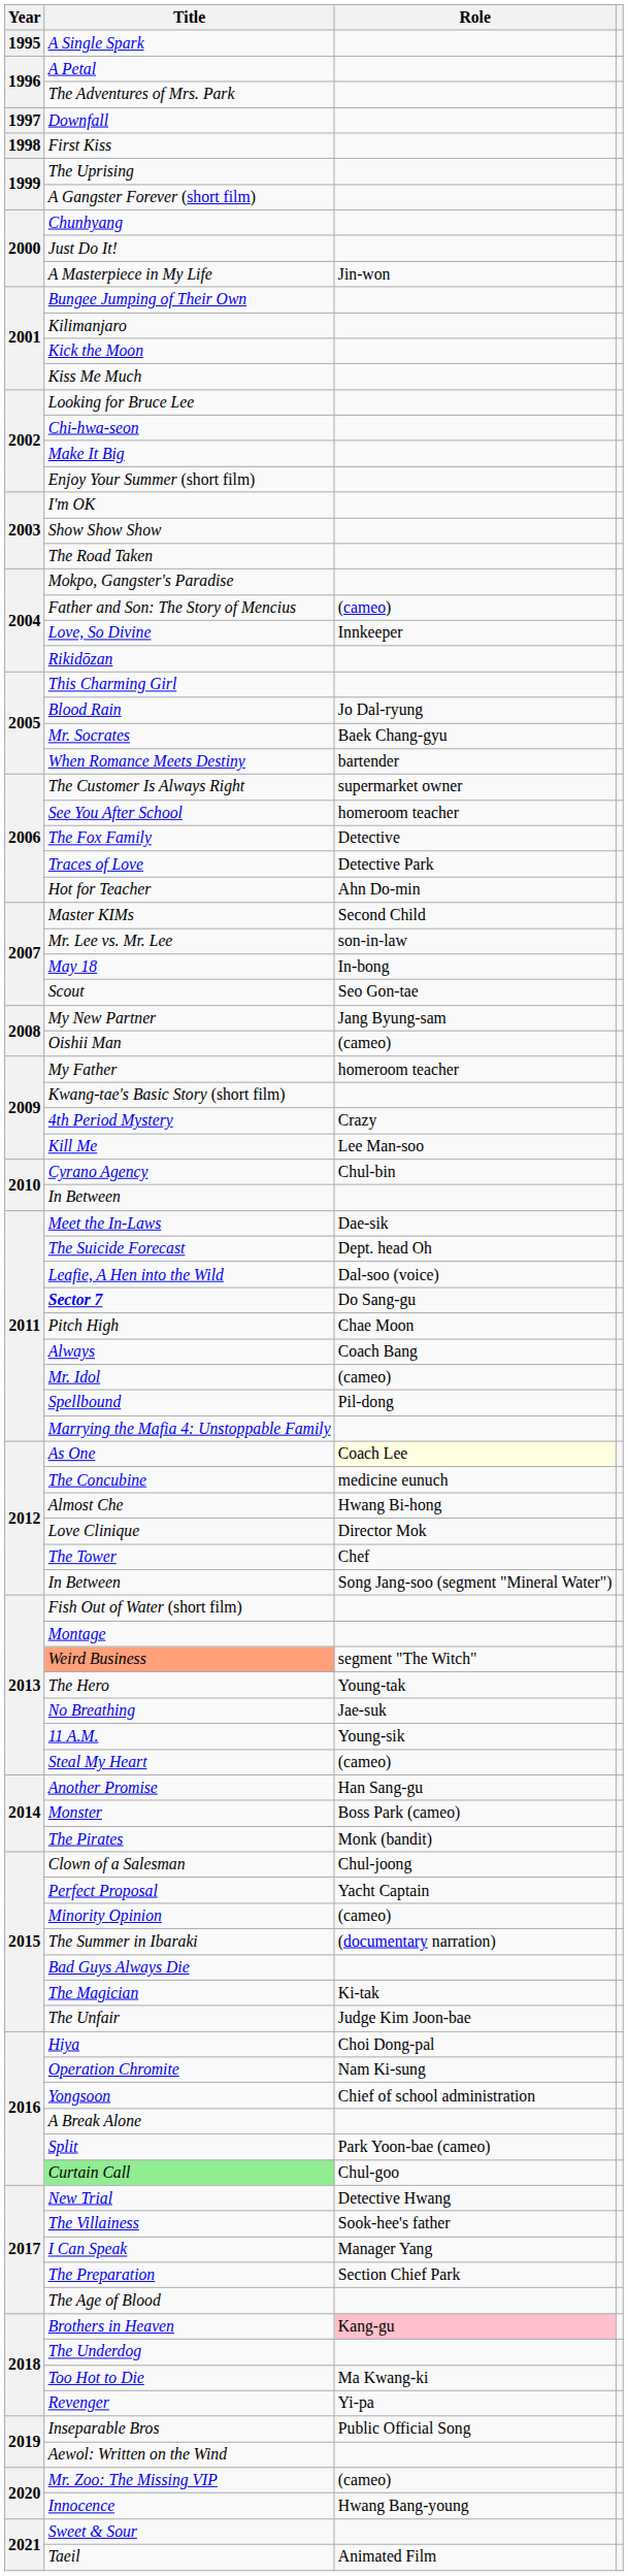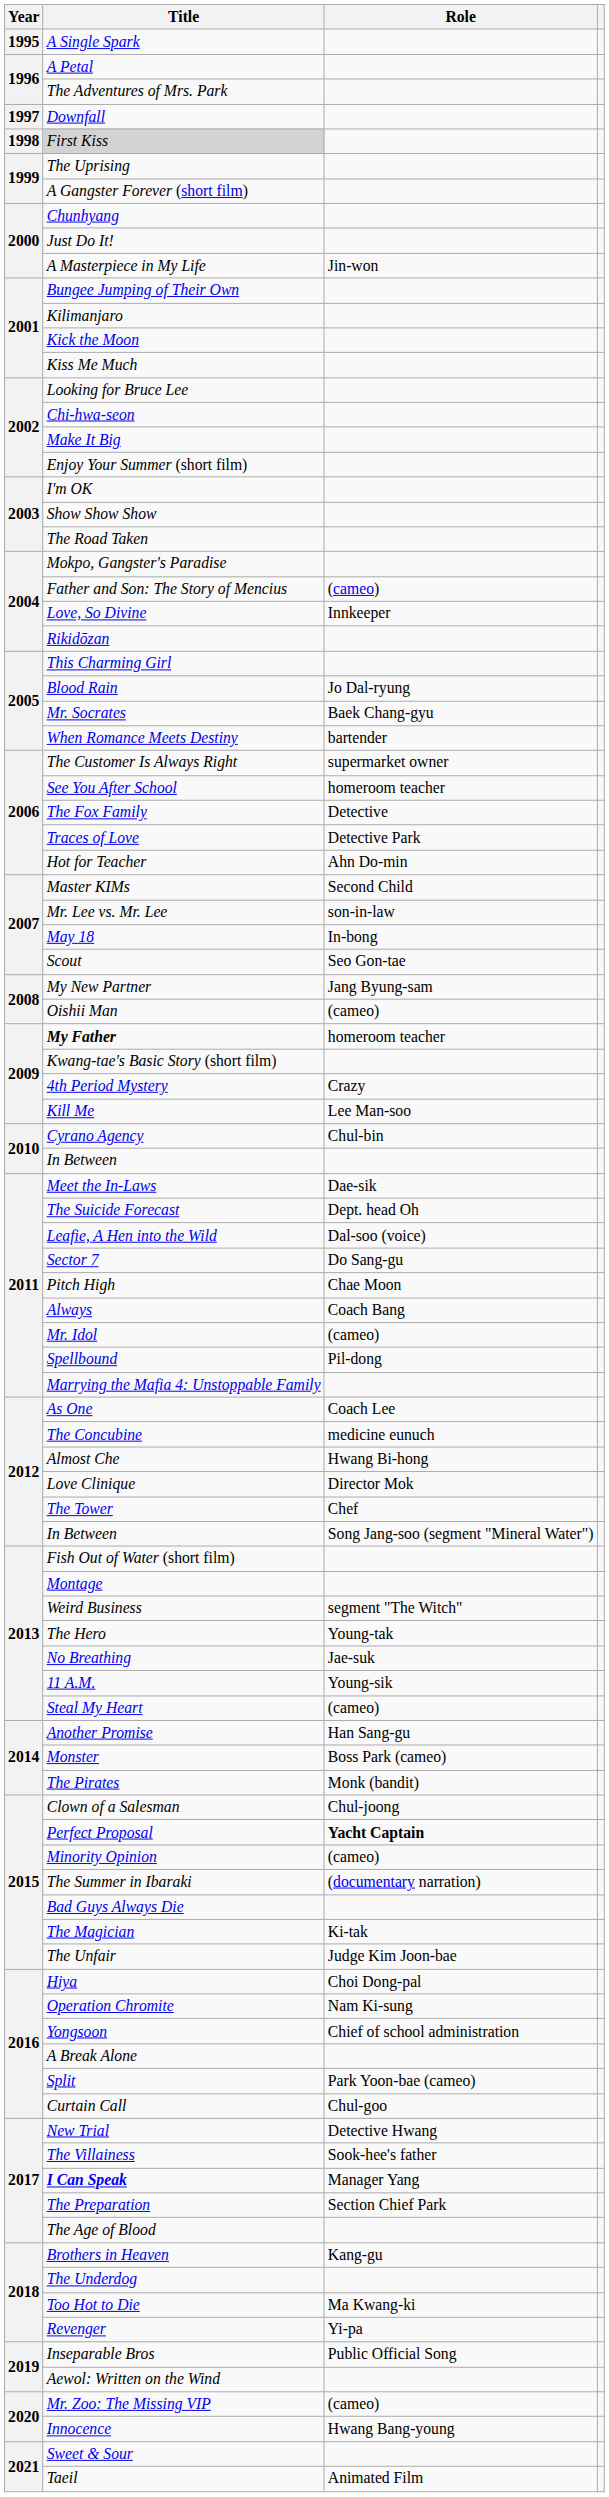 <table class="wikitable plainrowheaders sortable">
 <tr>
 <th scope="col">Year</th>
 <th scope="col">Title</th>
 <th scope="col">Role</th>
 <th scope="col" class="unsortable"></th>
 </tr>
 <tr>
 <th scope="row">1995</th>
 <td><em><a href='#'>A Single Spark</a></em></td>
 <td></td>
 <td style="text-align:center"></td>
 </tr>
 <tr>
 <th scope="row" rowspan="2">1996</th>
 <td><em><a href='#'>A Petal</a></em></td>
 <td></td>
 <td style="text-align:center"></td>
 </tr>
 <tr>
 <td><em>The Adventures of Mrs. Park</em></td>
 <td></td>
 <td style="text-align:center"></td>
 </tr>
 <tr>
 <th scope="row">1997</th>
 <td><em><a href='#'>Downfall</a></em></td>
 <td></td>
 <td style="text-align:center"></td>
 </tr>
 <tr>
 <th scope="row">1998</th>
-<td><em>First Kiss</em></td>
+<td style="background: lightgrey;"><em>First Kiss</em></td>
 <td></td>
 <td style="text-align:center"></td>
 </tr>
 <tr>
 <th scope="row" rowspan="2">1999</th>
 <td><em>The Uprising</em></td>
 <td></td>
 <td style="text-align:center"></td>
 </tr>
 <tr>
 <td><em>A Gangster Forever</em> (<a href='#'>short film</a>)</td>
 <td></td>
 <td style="text-align:center"></td>
 </tr>
 <tr>
 <th scope="row" rowspan="3">2000</th>
 <td><em><a href='#'>Chunhyang</a></em></td>
 <td></td>
 <td style="text-align:center"></td>
 </tr>
 <tr>
 <td><em>Just Do It! </em></td>
 <td></td>
 <td style="text-align:center"></td>
 </tr>
 <tr>
 <td><em>A Masterpiece in My Life</em></td>
 <td>Jin-won</td>
 <td style="text-align:center"></td>
 </tr>
 <tr>
 <th scope="row" rowspan="4">2001</th>
 <td><em><a href='#'>Bungee Jumping of Their Own</a></em></td>
 <td></td>
 <td style="text-align:center"></td>
 </tr>
 <tr>
 <td><em>Kilimanjaro</em></td>
 <td></td>
 <td style="text-align:center"></td>
 </tr>
 <tr>
 <td><em><a href='#'>Kick the Moon</a></em></td>
 <td></td>
 <td style="text-align:center"></td>
 </tr>
 <tr>
 <td><em>Kiss Me Much</em></td>
 <td></td>
 <td style="text-align:center"></td>
 </tr>
 <tr>
 <th scope="row" rowspan="4">2002</th>
 <td><em>Looking for Bruce Lee</em></td>
 <td></td>
 <td style="text-align:center"></td>
 </tr>
 <tr>
 <td><em><a href='#'>Chi-hwa-seon</a></em></td>
 <td></td>
 <td style="text-align:center"></td>
 </tr>
 <tr>
 <td><em><a href='#'>Make It Big</a></em></td>
 <td></td>
 <td style="text-align:center"></td>
 </tr>
 <tr>
 <td><em>Enjoy Your Summer</em> (short film)</td>
 <td></td>
 <td style="text-align:center"></td>
 </tr>
 <tr>
 <th scope="row" rowspan="3">2003</th>
 <td><em>I'm OK</em></td>
 <td></td>
 <td style="text-align:center"></td>
 </tr>
 <tr>
 <td><em>Show Show Show</em></td>
 <td></td>
 <td style="text-align:center"></td>
 </tr>
 <tr>
 <td><em>The Road Taken</em></td>
 <td></td>
 <td style="text-align:center"></td>
 </tr>
 <tr>
 <th scope="row" rowspan="4">2004</th>
 <td><em>Mokpo, Gangster's Paradise</em></td>
 <td></td>
 <td style="text-align:center"></td>
 </tr>
 <tr>
 <td><em>Father and Son: The Story of Mencius</em></td>
 <td>(<a href='#'>cameo</a>)</td>
 <td style="text-align:center"></td>
 </tr>
 <tr>
 <td><em><a href='#'>Love, So Divine</a></em></td>
 <td>Innkeeper</td>
 <td style="text-align:center"></td>
 </tr>
 <tr>
 <td><em><a href='#'>Rikidōzan</a></em></td>
 <td></td>
 <td style="text-align:center"></td>
 </tr>
 <tr>
 <th scope="row" rowspan="4">2005</th>
 <td><em><a href='#'>This Charming Girl</a></em></td>
 <td></td>
 <td style="text-align:center"></td>
 </tr>
 <tr>
 <td><em><a href='#'>Blood Rain</a></em></td>
 <td>Jo Dal-ryung</td>
 <td style="text-align:center"></td>
 </tr>
 <tr>
 <td><em><a href='#'>Mr. Socrates</a></em></td>
 <td>Baek Chang-gyu</td>
 <td style="text-align:center"></td>
 </tr>
 <tr>
 <td><em><a href='#'>When Romance Meets Destiny</a></em></td>
 <td>bartender</td>
 <td style="text-align:center"></td>
 </tr>
 <tr>
 <th scope="row" rowspan="5">2006</th>
 <td><em>The Customer Is Always Right</em></td>
 <td>supermarket owner</td>
 <td style="text-align:center"></td>
 </tr>
 <tr>
 <td><em><a href='#'>See You After School</a></em></td>
 <td>homeroom teacher</td>
 <td style="text-align:center"></td>
 </tr>
 <tr>
 <td><em><a href='#'>The Fox Family</a></em></td>
 <td>Detective</td>
 <td style="text-align:center"></td>
 </tr>
 <tr>
 <td><em><a href='#'>Traces of Love</a></em></td>
 <td>Detective Park</td>
 <td style="text-align:center"></td>
 </tr>
 <tr>
 <td><em>Hot for Teacher</em></td>
 <td>Ahn Do-min</td>
 <td style="text-align:center"></td>
 </tr>
 <tr>
 <th scope="row" rowspan="4">2007</th>
 <td><em>Master KIMs</em></td>
 <td>Second Child</td>
 <td style="text-align:center"></td>
 </tr>
 <tr>
 <td><em>Mr. Lee vs. Mr. Lee</em></td>
 <td>son-in-law</td>
 <td style="text-align:center"></td>
 </tr>
 <tr>
 <td><em><a href='#'>May 18</a></em></td>
 <td>In-bong</td>
 <td style="text-align:center"></td>
 </tr>
 <tr>
 <td><em>Scout</em></td>
 <td>Seo Gon-tae</td>
 <td style="text-align:center"></td>
 </tr>
 <tr>
 <th scope="row" rowspan="2">2008</th>
 <td><em>My New Partner</em></td>
 <td>Jang Byung-sam</td>
 <td style="text-align:center"></td>
 </tr>
 <tr>
 <td><em>Oishii Man</em></td>
 <td>(cameo)</td>
 <td style="text-align:center"></td>
 </tr>
 <tr>
 <th scope="row" rowspan="4">2009</th>
-<td><em>My Father</em></td>
+<td><strong><em>My Father</em></strong></td>
 <td>homeroom teacher</td>
 <td style="text-align:center"></td>
 </tr>
 <tr>
 <td><em>Kwang-tae's Basic Story</em> (short film)</td>
 <td></td>
 <td style="text-align:center"></td>
 </tr>
 <tr>
 <td><em><a href='#'>4th Period Mystery</a></em></td>
 <td>Crazy</td>
 <td style="text-align:center"></td>
 </tr>
 <tr>
 <td><em><a href='#'>Kill Me</a></em></td>
 <td>Lee Man-soo</td>
 <td style="text-align:center"></td>
 </tr>
 <tr>
 <th scope="row" rowspan="2">2010</th>
 <td><em><a href='#'>Cyrano Agency</a></em></td>
 <td>Chul-bin</td>
 <td style="text-align:center"></td>
 </tr>
 <tr>
 <td><em>In Between</em></td>
 <td></td>
 <td style="text-align:center"></td>
 </tr>
 <tr>
 <th scope="row" rowspan="9">2011</th>
 <td><em><a href='#'>Meet the In-Laws</a></em></td>
 <td>Dae-sik</td>
 <td style="text-align:center"></td>
 </tr>
 <tr>
 <td><em><a href='#'>The Suicide Forecast</a></em></td>
 <td>Dept. head Oh</td>
 <td style="text-align:center"></td>
 </tr>
 <tr>
 <td><em><a href='#'>Leafie, A Hen into the Wild</a></em></td>
 <td>Dal-soo (voice)</td>
 <td style="text-align:center"></td>
 </tr>
 <tr>
-<td><strong><em><a href='#'>Sector 7</a></em></strong></td>
+<td><em><a href='#'>Sector 7</a></em></td>
 <td>Do Sang-gu</td>
 <td style="text-align:center"></td>
 </tr>
 <tr>
 <td><em>Pitch High</em></td>
 <td>Chae Moon</td>
 <td style="text-align:center"></td>
 </tr>
 <tr>
 <td><em><a href='#'>Always</a></em></td>
 <td>Coach Bang</td>
 <td style="text-align:center"></td>
 </tr>
 <tr>
 <td><em><a href='#'>Mr. Idol</a></em></td>
 <td>(cameo)</td>
 <td style="text-align:center"></td>
 </tr>
 <tr>
 <td><em><a href='#'>Spellbound</a></em></td>
 <td>Pil-dong</td>
 <td style="text-align:center"></td>
 </tr>
 <tr>
 <td><em><a href='#'>Marrying the Mafia 4: Unstoppable Family</a></em></td>
 <td></td>
 <td style="text-align:center"></td>
 </tr>
 <tr>
 <th scope="row" rowspan="6">2012</th>
 <td><em><a href='#'>As One</a></em></td>
-<td style="background: lightyellow;">Coach Lee</td>
+<td>Coach Lee</td>
 <td style="text-align:center"></td>
 </tr>
 <tr>
 <td><em><a href='#'>The Concubine</a></em></td>
 <td>medicine eunuch</td>
 <td style="text-align:center"></td>
 </tr>
 <tr>
 <td><em>Almost Che</em></td>
 <td>Hwang Bi-hong</td>
 <td style="text-align:center"></td>
 </tr>
 <tr>
 <td><em>Love Clinique</em></td>
 <td>Director Mok</td>
 <td style="text-align:center"></td>
 </tr>
 <tr>
 <td><em><a href='#'>The Tower</a></em></td>
 <td>Chef</td>
 <td style="text-align:center"></td>
 </tr>
 <tr>
 <td><em>In Between</em></td>
 <td>Song Jang-soo (segment "Mineral Water")</td>
 <td style="text-align:center"></td>
 </tr>
 <tr>
 <th scope="row" rowspan="7">2013</th>
 <td><em>Fish Out of Water</em> (short film)</td>
 <td></td>
 <td style="text-align:center"></td>
 </tr>
 <tr>
 <td><em><a href='#'>Montage</a></em></td>
 <td></td>
 <td style="text-align:center"></td>
 </tr>
 <tr>
-<td style="background: lightsalmon;"><em>Weird Business</em></td>
+<td><em>Weird Business</em></td>
 <td>segment "The Witch"</td>
 <td style="text-align:center"></td>
 </tr>
 <tr>
 <td><em>The Hero</em></td>
 <td>Young-tak</td>
 <td style="text-align:center"></td>
 </tr>
 <tr>
 <td><em><a href='#'>No Breathing</a></em></td>
 <td>Jae-suk</td>
 <td style="text-align:center"></td>
 </tr>
 <tr>
 <td><em><a href='#'>11 A.M.</a></em></td>
 <td>Young-sik</td>
 <td style="text-align:center"></td>
 </tr>
 <tr>
 <td><em><a href='#'>Steal My Heart</a></em></td>
 <td>(cameo)</td>
 <td style="text-align:center"></td>
 </tr>
 <tr>
 <th scope="row" rowspan="3">2014</th>
 <td><em><a href='#'>Another Promise</a></em></td>
 <td>Han Sang-gu</td>
 <td style="text-align:center"></td>
 </tr>
 <tr>
 <td><em><a href='#'>Monster</a></em></td>
 <td>Boss Park (cameo)</td>
 <td style="text-align:center"></td>
 </tr>
 <tr>
 <td><em><a href='#'>The Pirates</a></em></td>
 <td>Monk (bandit)</td>
 <td style="text-align:center"></td>
 </tr>
 <tr>
 <th scope="row" rowspan="7">2015</th>
 <td><em>Clown of a Salesman</em></td>
 <td>Chul-joong</td>
 <td style="text-align:center"></td>
 </tr>
 <tr>
 <td><em><a href='#'>Perfect Proposal</a></em></td>
-<td>Yacht Captain</td>
+<td><strong>Yacht Captain</strong></td>
 <td style="text-align:center"></td>
 </tr>
 <tr>
 <td><em><a href='#'>Minority Opinion</a></em></td>
 <td>(cameo)</td>
 <td style="text-align:center"></td>
 </tr>
 <tr>
 <td><em>The Summer in Ibaraki</em></td>
 <td>(<a href='#'>documentary</a> narration)</td>
 <td style="text-align:center"></td>
 </tr>
 <tr>
 <td><em><a href='#'>Bad Guys Always Die</a></em></td>
 <td></td>
 <td style="text-align:center"></td>
 </tr>
 <tr>
 <td><em><a href='#'>The Magician</a></em></td>
 <td>Ki-tak</td>
 <td style="text-align:center"></td>
 </tr>
 <tr>
 <td><em>The Unfair</em></td>
 <td>Judge Kim Joon-bae</td>
 <td style="text-align:center"></td>
 </tr>
 <tr>
 <th scope="row" rowspan="6">2016</th>
 <td><em><a href='#'>Hiya</a></em></td>
 <td>Choi Dong-pal</td>
 <td style="text-align:center"></td>
 </tr>
 <tr>
 <td><em><a href='#'>Operation Chromite</a></em></td>
 <td>Nam Ki-sung</td>
 <td style="text-align:center"></td>
 </tr>
 <tr>
 <td><em><a href='#'>Yongsoon</a></em></td>
 <td>Chief of school administration</td>
 <td style="text-align:center"></td>
 </tr>
 <tr>
 <td><em>A Break Alone</em></td>
 <td></td>
 <td style="text-align:center"></td>
 </tr>
 <tr>
 <td><em><a href='#'>Split</a></em></td>
 <td>Park Yoon-bae (cameo)</td>
 <td style="text-align:center"></td>
 </tr>
 <tr>
-<td style="background: lightgreen;"><em>Curtain Call</em></td>
+<td><em>Curtain Call</em></td>
 <td>Chul-goo</td>
 <td style="text-align:center"></td>
 </tr>
 <tr>
 <th scope="row" rowspan="5">2017</th>
 <td><em><a href='#'>New Trial</a></em></td>
 <td>Detective Hwang</td>
 <td style="text-align:center"></td>
 </tr>
 <tr>
 <td><em><a href='#'>The Villainess</a></em></td>
 <td>Sook-hee's father</td>
 <td style="text-align:center"></td>
 </tr>
 <tr>
-<td><em><a href='#'>I Can Speak</a></em></td>
+<td><strong><em><a href='#'>I Can Speak</a></em></strong></td>
 <td>Manager Yang</td>
 <td style="text-align:center"></td>
 </tr>
 <tr>
 <td><em><a href='#'>The Preparation</a></em></td>
 <td>Section Chief Park</td>
 <td style="text-align:center"></td>
 </tr>
 <tr>
 <td><em>The Age of Blood</em></td>
 <td></td>
 <td style="text-align:center"></td>
 </tr>
 <tr>
 <th scope="row" rowspan="4">2018</th>
 <td><em><a href='#'>Brothers in Heaven</a></em></td>
-<td style="background: pink;">Kang-gu</td>
+<td>Kang-gu</td>
 <td style="text-align:center"></td>
 </tr>
 <tr>
 <td><em><a href='#'>The Underdog</a></em></td>
 <td></td>
 <td style="text-align:center"></td>
 </tr>
 <tr>
 <td><em><a href='#'>Too Hot to Die</a></em></td>
 <td>Ma Kwang-ki</td>
 <td style="text-align:center"></td>
 </tr>
 <tr>
 <td><em><a href='#'>Revenger</a></em></td>
 <td>Yi-pa</td>
 <td style="text-align:center"></td>
 </tr>
 <tr>
 <th scope="row" rowspan="2">2019</th>
 <td><em>Inseparable Bros</em></td>
 <td>Public Official Song</td>
 <td style="text-align:center"></td>
 </tr>
 <tr>
 <td><em>Aewol: Written on the Wind</em></td>
 <td></td>
 <td style="text-align:center"></td>
 </tr>
 <tr>
 <th scope="row" rowspan="2">2020</th>
 <td><em><a href='#'>Mr. Zoo: The Missing VIP</a></em></td>
 <td>(cameo)</td>
 <td style="text-align:center"></td>
 </tr>
 <tr>
 <td><em><a href='#'>Innocence</a></em></td>
 <td>Hwang Bang-young</td>
 <td style="text-align:center"></td>
 </tr>
 <tr>
 <th scope="row" rowspan="2">2021</th>
 <td><em><a href='#'>Sweet & Sour</a></em></td>
 <td></td>
 <td style="text-align:center"></td>
 </tr>
 <tr>
 <td><em>Taeil</em></td>
 <td>Animated Film</td>
 <td style="text-align:center"></td>
 </tr>
 </table>
